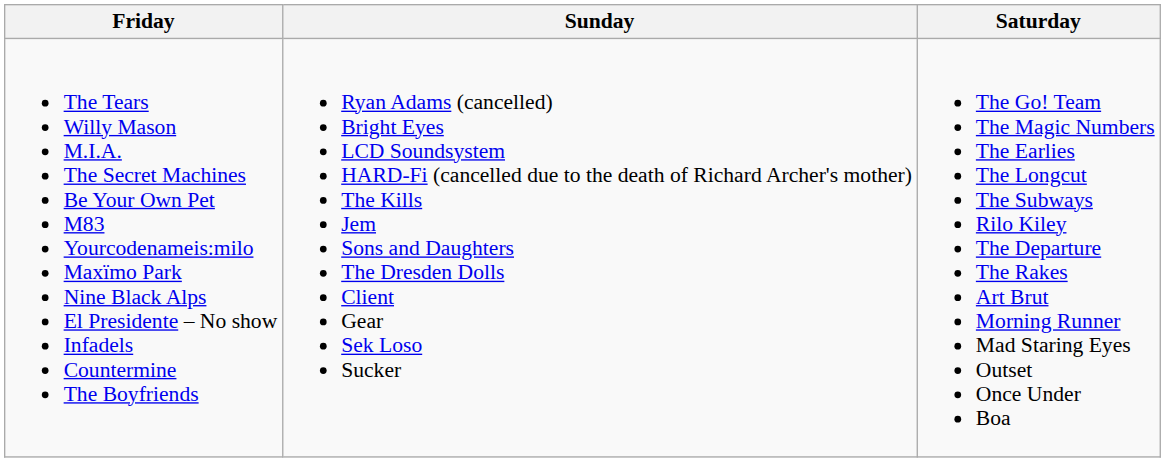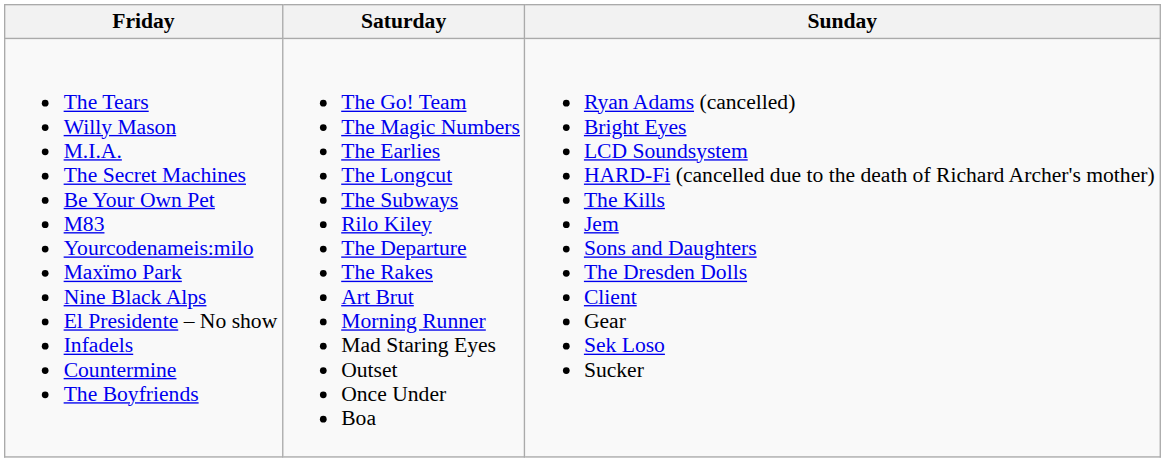 <table class="wikitable">
 <tr>
 <th>Friday</th>
+<th>Saturday</th>
 <th>Sunday</th>
-<th>Saturday</th>
 </tr>
 <tr valign="top">
 <td><br><ul><li><a href='#'>The Tears</a></li><li><a href='#'>Willy Mason</a></li><li><a href='#'>M.I.A.</a></li><li><a href='#'>The Secret Machines</a></li><li><a href='#'>Be Your Own Pet</a></li><li><a href='#'>M83</a></li><li><a href='#'>Yourcodenameis:milo</a></li><li><a href='#'>Maxïmo Park</a></li><li><a href='#'>Nine Black Alps</a></li><li><a href='#'>El Presidente</a> – No show</li><li><a href='#'>Infadels</a></li><li><a href='#'>Countermine</a></li><li><a href='#'>The Boyfriends</a></li></ul></td>
+<td><br><ul><li><a href='#'>The Go! Team</a></li><li><a href='#'>The Magic Numbers</a></li><li><a href='#'>The Earlies</a></li><li><a href='#'>The Longcut</a></li><li><a href='#'>The Subways</a></li><li><a href='#'>Rilo Kiley</a></li><li><a href='#'>The Departure</a></li><li><a href='#'>The Rakes</a></li><li><a href='#'>Art Brut</a></li><li><a href='#'>Morning Runner</a></li><li>Mad Staring Eyes</li><li>Outset</li><li>Once Under</li><li>Boa</li></ul></td>
 <td><br><ul><li><a href='#'>Ryan Adams</a> (cancelled)</li><li><a href='#'>Bright Eyes</a></li><li><a href='#'>LCD Soundsystem</a></li><li><a href='#'>HARD-Fi</a> (cancelled due to the death of Richard Archer's mother)</li><li><a href='#'>The Kills</a></li><li><a href='#'>Jem</a></li><li><a href='#'>Sons and Daughters</a></li><li><a href='#'>The Dresden Dolls</a></li><li><a href='#'>Client</a></li><li>Gear</li><li><a href='#'>Sek Loso</a></li><li>Sucker</li></ul></td>
-<td><br><ul><li><a href='#'>The Go! Team</a></li><li><a href='#'>The Magic Numbers</a></li><li><a href='#'>The Earlies</a></li><li><a href='#'>The Longcut</a></li><li><a href='#'>The Subways</a></li><li><a href='#'>Rilo Kiley</a></li><li><a href='#'>The Departure</a></li><li><a href='#'>The Rakes</a></li><li><a href='#'>Art Brut</a></li><li><a href='#'>Morning Runner</a></li><li>Mad Staring Eyes</li><li>Outset</li><li>Once Under</li><li>Boa</li></ul></td>
 </tr>
 </table>
